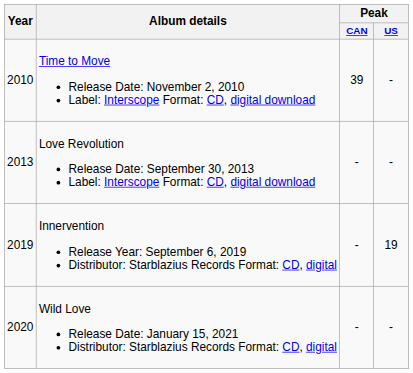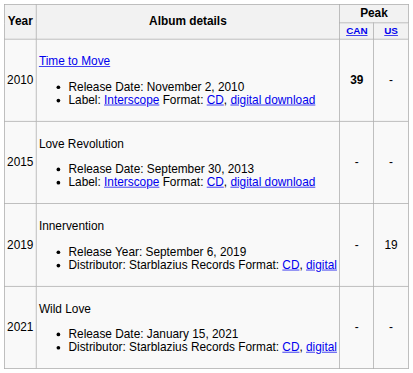 <table class="wikitable" style="text-align:center;">
 <tr>
 <th rowspan="2">Year</th>
 <th rowspan="2">Album details</th>
 <th colspan="2">Peak</th>
 </tr>
 <tr style="font-size:smaller;">
 <th width="40"><a href='#'>CAN</a></th>
 <th width="40"><a href='#'>US</a></th>
 </tr>
 <tr>
 <td>2010</td>
 <td align="left"><br><a href='#'>Time to Move</a><ul><li>Release Date: November 2, 2010</li><li>Label: <a href='#'>Interscope</a> Format: <a href='#'>CD</a>, <a href='#'>digital download</a></li></ul></td>
-<td>39</td>
+<td><strong>39</strong></td>
 <td>-</td>
 </tr>
 <tr>
-<td>2013</td>
+<td>2015</td>
 <td align="left"><br>Love Revolution<ul><li>Release Date: September 30, 2013</li><li>Label: <a href='#'>Interscope</a> Format: <a href='#'>CD</a>, <a href='#'>digital download</a></li></ul></td>
 <td>-</td>
 <td>-</td>
 </tr>
 <tr>
 <td>2019</td>
 <td align="left"><br>Innervention<ul><li>Release Year: September 6, 2019</li><li>Distributor: Starblazius Records Format: <a href='#'>CD</a>, <a href='#'>digital</a></li></ul></td>
 <td>-</td>
 <td>19</td>
 </tr>
 <tr>
-<td>2020</td>
+<td>2021</td>
 <td align="left"><br>Wild Love<ul><li>Release Date: January 15, 2021</li><li>Distributor: Starblazius Records Format: <a href='#'>CD</a>, <a href='#'>digital</a></li></ul></td>
 <td>-</td>
 <td>-</td>
 </tr>
 </table>
